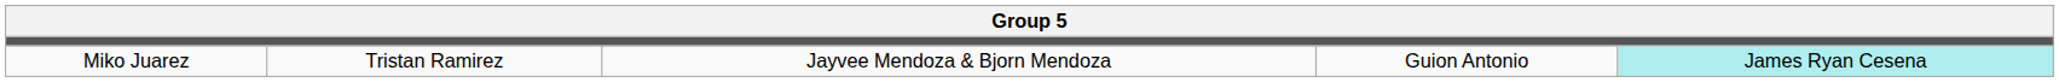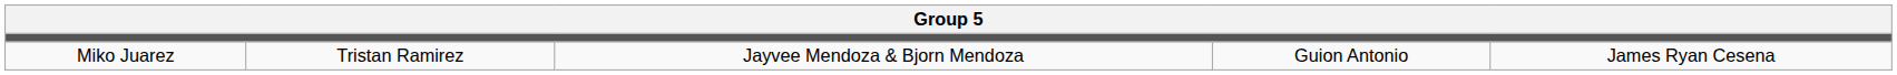 <table class="wikitable" style="text-align:center; line-height:17px; width:100%; font-size: 95%;">
 <tr>
 <th scope="col" colspan="5" style="width:28%;">Group 5</th>
 </tr>
 <tr>
 <td colspan="5" style="background:#555;"></td>
 </tr>
 <tr>
 <td>Miko Juarez</td>
 <td>Tristan Ramirez</td>
 <td>Jayvee Mendoza & Bjorn Mendoza</td>
 <td>Guion Antonio</td>
-<td style="background: paleturquoise;">James Ryan Cesena</td>
+<td>James Ryan Cesena</td>
 </tr>
 </table>
